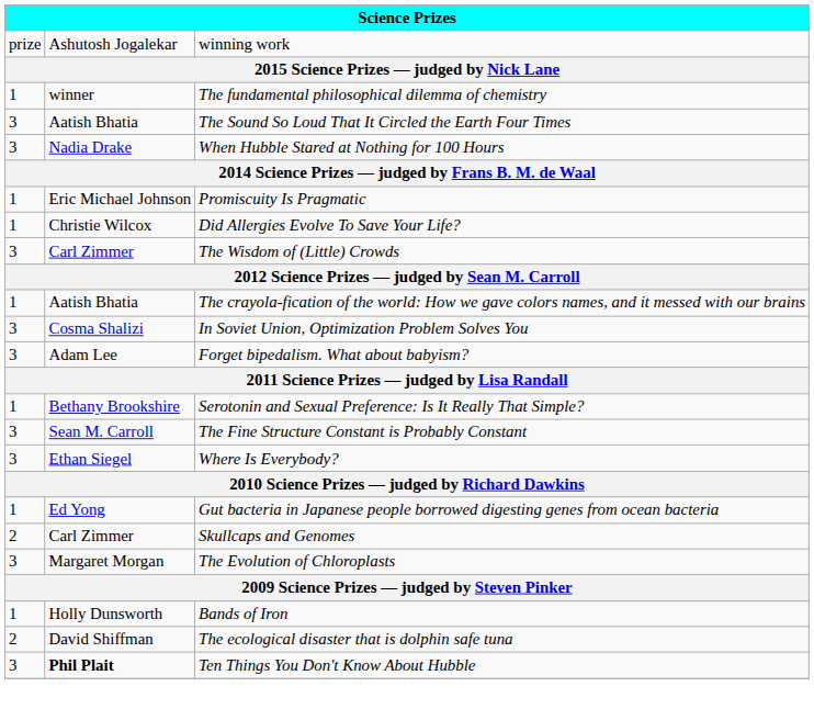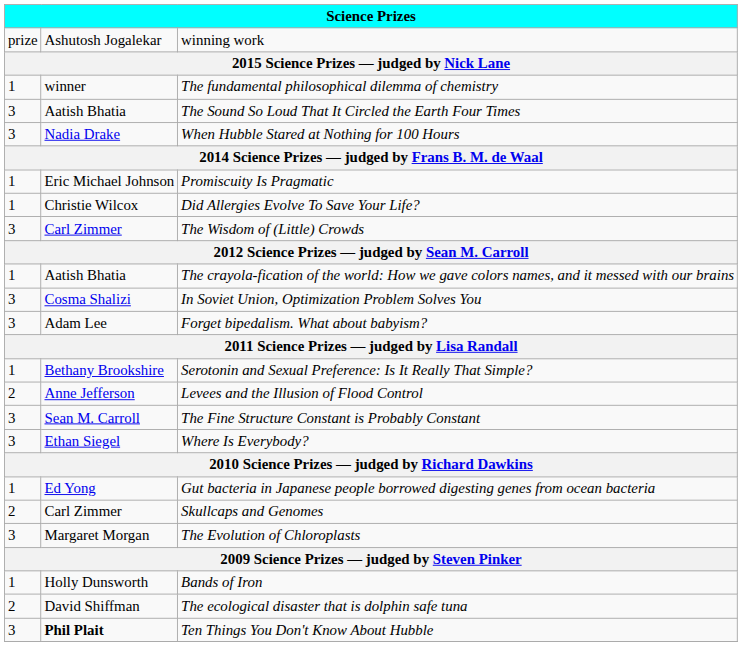 <table class="wikitable collapsible collapsed">
 <tr>
 <th colspan="3" ; style="background:#00FFFF">Science Prizes</th>
 </tr>
 <tr>
 <td>prize</td>
 <td>Ashutosh Jogalekar</td>
 <td>winning work</td>
 </tr>
 <tr>
 <th colspan="3">2015 Science Prizes — judged by <a href='#'>Nick Lane</a></th>
 </tr>
 <tr>
 <td>1</td>
 <td>winner</td>
 <td><em>The fundamental philosophical dilemma of chemistry</em></td>
 </tr>
 <tr>
 <td>3</td>
 <td>Aatish Bhatia</td>
 <td><em>The Sound So Loud That It Circled the Earth Four Times</em></td>
 </tr>
 <tr>
 <td>3</td>
 <td><a href='#'>Nadia Drake</a></td>
 <td><em>When Hubble Stared at Nothing for 100 Hours</em></td>
 </tr>
 <tr>
 <th colspan="3">2014 Science Prizes — judged by <a href='#'>Frans B. M. de Waal</a></th>
 </tr>
 <tr>
 <td>1</td>
 <td>Eric Michael Johnson</td>
 <td><em>Promiscuity Is Pragmatic</em></td>
 </tr>
 <tr>
 <td>1</td>
 <td>Christie Wilcox</td>
 <td><em>Did Allergies Evolve To Save Your Life?</em></td>
 </tr>
 <tr>
 <td>3</td>
 <td><a href='#'>Carl Zimmer</a></td>
 <td><em>The Wisdom of (Little) Crowds</em></td>
 </tr>
 <tr>
 <th colspan="3">2012 Science Prizes — judged by <a href='#'>Sean M. Carroll</a></th>
 </tr>
 <tr>
 <td>1</td>
 <td>Aatish Bhatia</td>
 <td><em>The crayola-fication of the world: How we gave colors names, and it messed with our brains</em></td>
 </tr>
 <tr>
 <td>3</td>
 <td><a href='#'>Cosma Shalizi</a></td>
 <td><em>In Soviet Union, Optimization Problem Solves You</em></td>
 </tr>
 <tr>
 <td>3</td>
 <td>Adam Lee</td>
 <td><em>Forget bipedalism. What about babyism?</em></td>
 </tr>
 <tr>
 <th colspan="3">2011 Science Prizes — judged by <a href='#'>Lisa Randall</a></th>
 </tr>
 <tr>
 <td>1</td>
 <td><a href='#'>Bethany Brookshire</a></td>
 <td><em>Serotonin and Sexual Preference: Is It Really That Simple?</em></td>
 </tr>
 <tr>
+<td>2</td>
+<td><a href='#'>Anne Jefferson</a></td>
+<td><em>Levees and the Illusion of Flood Control</em></td>
+</tr>
+<tr>
 <td>3</td>
 <td><a href='#'>Sean M. Carroll</a></td>
 <td><em>The Fine Structure Constant is Probably Constant</em></td>
 </tr>
 <tr>
 <td>3</td>
 <td><a href='#'>Ethan Siegel</a></td>
 <td><em>Where Is Everybody?</em></td>
 </tr>
 <tr>
 <th colspan="3">2010 Science Prizes — judged by <a href='#'>Richard Dawkins</a></th>
 </tr>
 <tr>
 <td>1</td>
 <td><a href='#'>Ed Yong</a></td>
 <td><em>Gut bacteria in Japanese people borrowed digesting genes from ocean bacteria</em></td>
 </tr>
 <tr>
 <td>2</td>
 <td>Carl Zimmer</td>
 <td><em>Skullcaps and Genomes</em></td>
 </tr>
 <tr>
 <td>3</td>
 <td>Margaret Morgan</td>
 <td><em>The Evolution of Chloroplasts</em></td>
 </tr>
 <tr>
 <th colspan="3">2009 Science Prizes — judged by <a href='#'>Steven Pinker</a></th>
 </tr>
 <tr>
 <td>1</td>
 <td>Holly Dunsworth</td>
 <td><em>Bands of Iron</em></td>
 </tr>
 <tr>
 <td>2</td>
 <td>David Shiffman</td>
 <td><em>The ecological disaster that is dolphin safe tuna</em></td>
 </tr>
 <tr>
 <td>3</td>
 <td><strong>Phil Plait</strong></td>
 <td><em>Ten Things You Don't Know About Hubble</em></td>
 </tr>
 <tr>
 </tr>
 </table>
